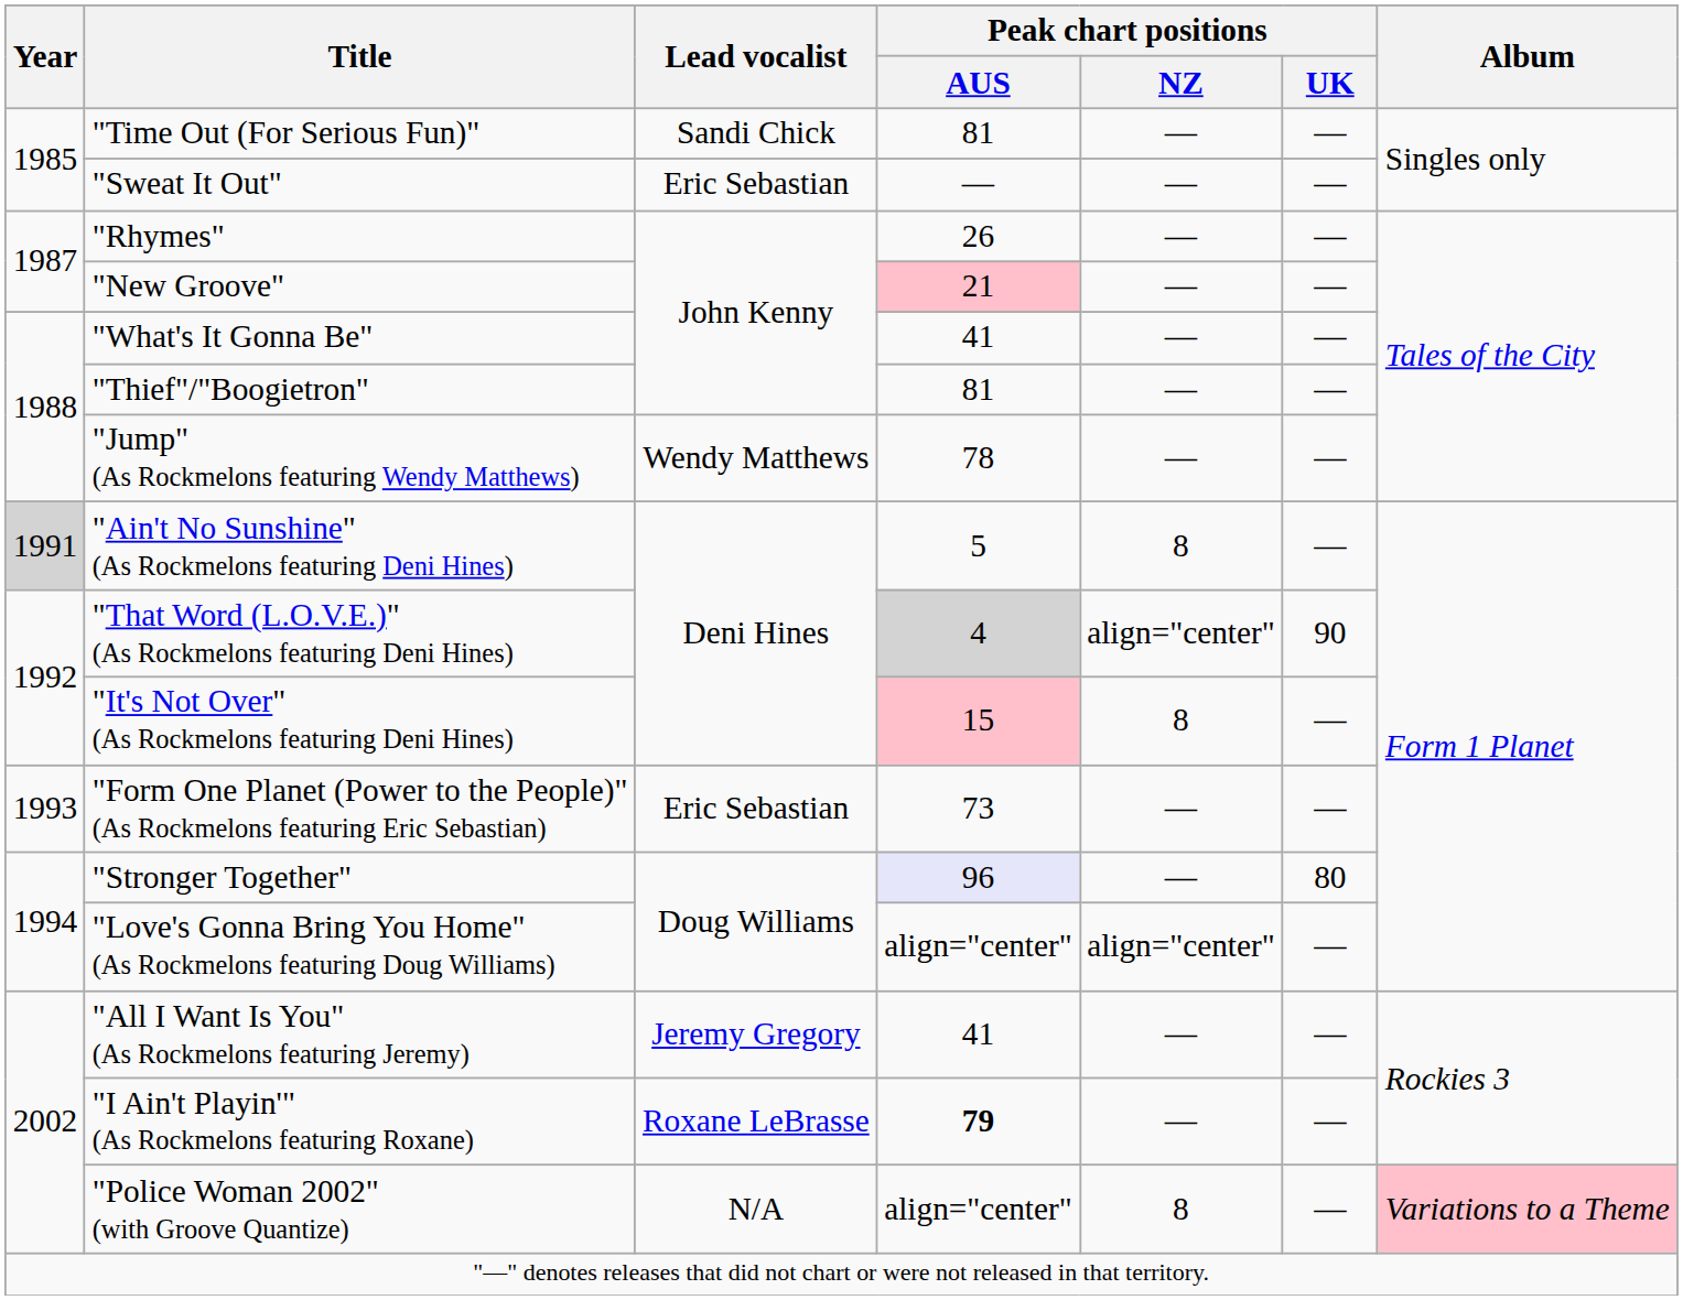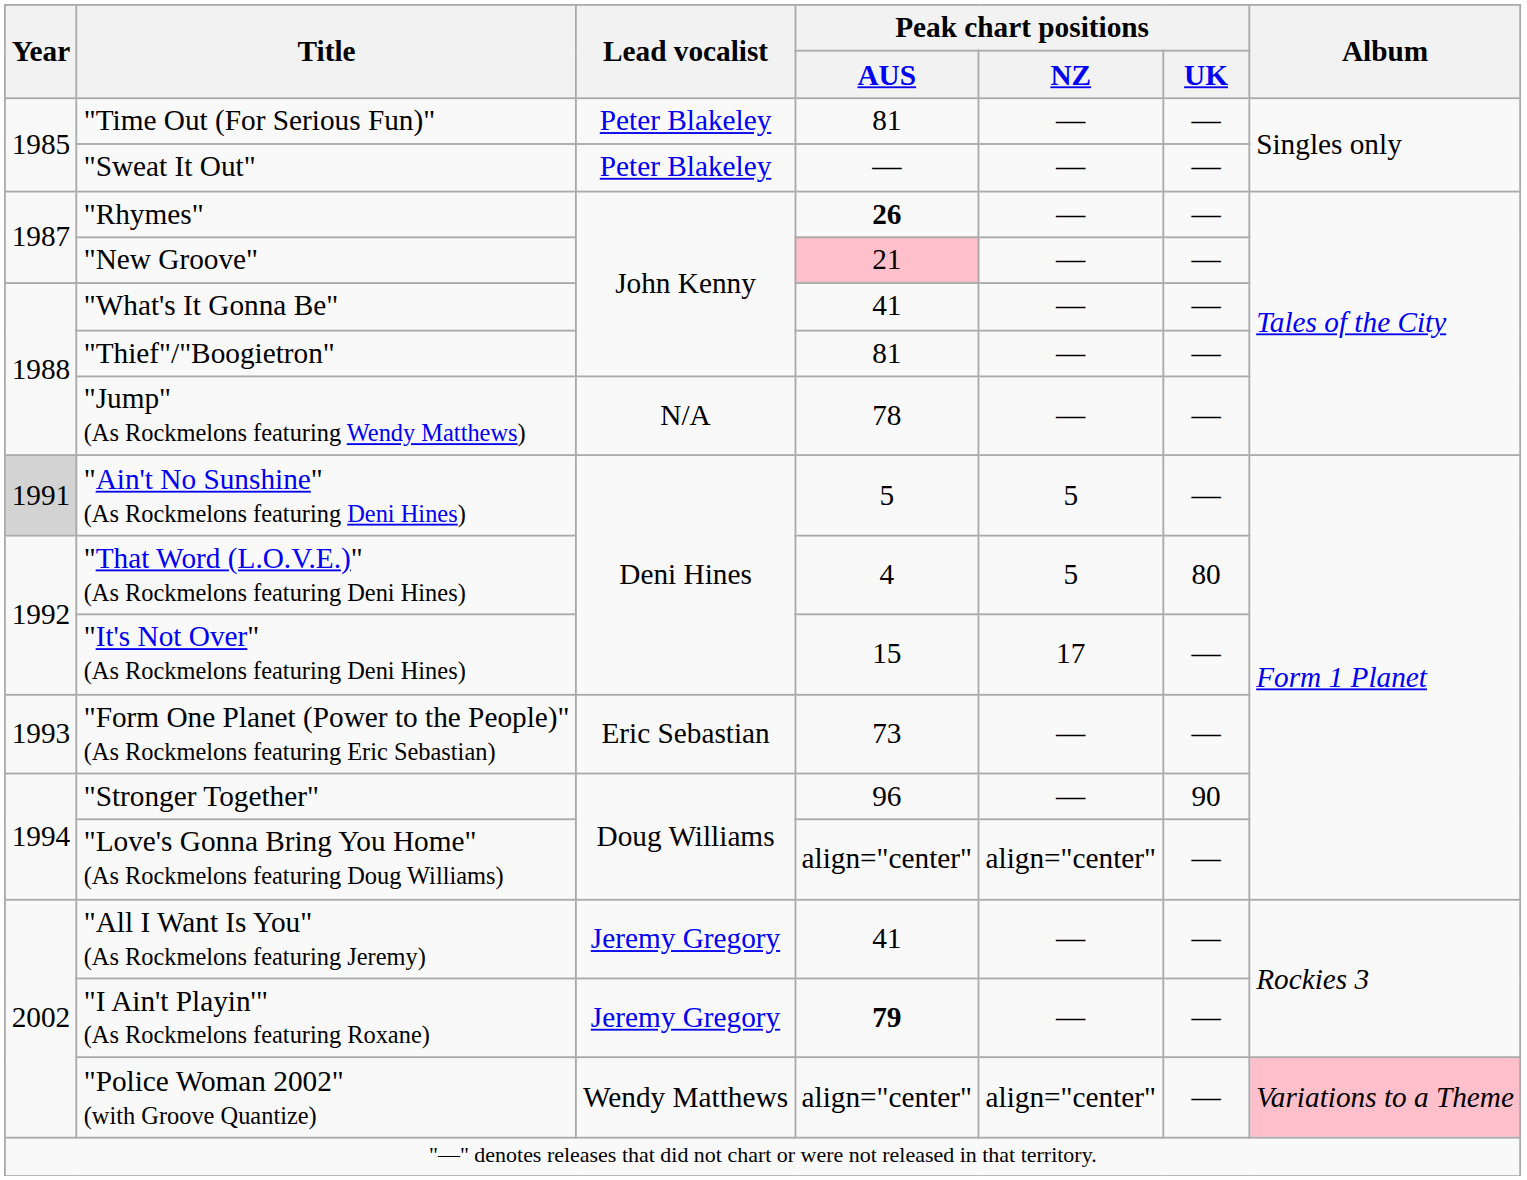 <table class="wikitable">
 <tr>
 <th rowspan="2" align="left">Year</th>
 <th rowspan="2" align="left">Title</th>
 <th rowspan="2" align="center">Lead vocalist</th>
 <th colspan="3">Peak chart positions</th>
 <th rowspan="2" align="left">Album</th>
 </tr>
 <tr>
 <th align="center" width="40"><a href='#'>AUS</a><br></th>
 <th align="center" width="40"><a href='#'>NZ</a><br></th>
 <th align="center" width="40"><a href='#'>UK</a><br></th>
 </tr>
 <tr>
 <td align="left" rowspan="2">1985</td>
 <td align="left">"Time Out (For Serious Fun)"</td>
-<td align="center">Sandi Chick</td>
+<td align="center"><a href='#'>Peter Blakeley</a></td>
 <td align="center">81</td>
 <td align="center">—</td>
 <td align="center">—</td>
 <td align="left" rowspan="2">Singles only</td>
 </tr>
 <tr>
 <td align="left">"Sweat It Out"</td>
-<td align="center">Eric Sebastian</td>
+<td align="center"><a href='#'>Peter Blakeley</a></td>
 <td align="center">—</td>
 <td align="center">—</td>
 <td align="center">—</td>
 </tr>
 <tr>
 <td align="left" rowspan="2">1987</td>
 <td align="left">"Rhymes"</td>
 <td align="center" rowspan="4">John Kenny</td>
-<td align="center">26</td>
+<td align="center"><strong>26</strong></td>
 <td align="center">—</td>
 <td align="center">—</td>
 <td align="left" rowspan="5"><em><a href='#'>Tales of the City</a></em></td>
 </tr>
 <tr>
 <td align="left">"New Groove"</td>
 <td align="center" style="background: pink;">21</td>
 <td align="center">—</td>
 <td align="center">—</td>
 </tr>
 <tr>
 <td align="left" rowspan="3">1988</td>
 <td align="left">"What's It Gonna Be"</td>
 <td align="center">41</td>
 <td align="center">—</td>
 <td align="center">—</td>
 </tr>
 <tr>
 <td align="left">"Thief"/"Boogietron"</td>
 <td align="center">81</td>
 <td align="center">—</td>
 <td align="center">—</td>
 </tr>
 <tr>
 <td align="left">"Jump" <br> <small>(As Rockmelons featuring <a href='#'>Wendy Matthews</a>)</small></td>
-<td align="center">Wendy Matthews</td>
+<td align="center">N/A</td>
 <td align="center">78</td>
 <td align="center">—</td>
 <td align="center">—</td>
 </tr>
 <tr>
 <td align="left" style="background: lightgrey;">1991</td>
 <td align="left">"<a href='#'>Ain't No Sunshine</a>"<br> <small>(As Rockmelons featuring <a href='#'>Deni Hines</a>)</small></td>
 <td align="center" rowspan="3">Deni Hines</td>
 <td align="center">5</td>
-<td align="center">8</td>
+<td align="center">5</td>
 <td align="center">—</td>
 <td align="left" rowspan="6"><em><a href='#'>Form 1 Planet</a></em></td>
 </tr>
 <tr>
 <td align="left" rowspan="2">1992</td>
 <td align="left">"<a href='#'>That Word (L.O.V.E.)</a>"<br> <small>(As Rockmelons featuring Deni Hines)</small></td>
-<td align="center" style="background: lightgrey;">4</td>
-<td>align="center" </td>
-<td align="center">90</td>
+<td align="center">4</td>
+<td align="center">5</td>
+<td align="center">80</td>
 </tr>
 <tr>
 <td align="left">"<a href='#'>It's Not Over</a>"<br> <small>(As Rockmelons featuring Deni Hines)</small></td>
-<td align="center" style="background: pink;">15</td>
-<td align="center">8</td>
+<td align="center">15</td>
+<td align="center">17</td>
 <td align="center">—</td>
 </tr>
 <tr>
 <td align="left">1993</td>
 <td align="left">"Form One Planet (Power to the People)"<br> <small>(As Rockmelons featuring Eric Sebastian)</small></td>
 <td align="center">Eric Sebastian</td>
 <td align="center">73</td>
 <td align="center">—</td>
 <td align="center">—</td>
 </tr>
 <tr>
 <td align="left" rowspan="2">1994</td>
 <td align="left">"Stronger Together"</td>
 <td align="center" rowspan="2">Doug Williams</td>
-<td align="center" style="background: lavender;">96</td>
+<td align="center">96</td>
 <td align="center">—</td>
-<td align="center">80</td>
+<td align="center">90</td>
 </tr>
 <tr>
 <td align="left">"Love's Gonna Bring You Home"<br> <small>(As Rockmelons featuring Doug Williams)</small></td>
 <td>align="center" </td>
 <td>align="center" </td>
 <td align="center">—</td>
 </tr>
 <tr>
 <td align="left" rowspan="3">2002</td>
 <td align="left">"All I Want Is You"<br><small>(As Rockmelons featuring Jeremy)</small></td>
 <td align="center"><a href='#'>Jeremy Gregory</a></td>
 <td align="center">41</td>
 <td align="center">—</td>
 <td align="center">—</td>
 <td align="left" rowspan="2"><em>Rockies 3</em></td>
 </tr>
 <tr>
 <td align="left">"I Ain't Playin'"<br><small>(As Rockmelons featuring Roxane)</small></td>
-<td align="center"><a href='#'>Roxane LeBrasse</a></td>
+<td align="center"><a href='#'>Jeremy Gregory</a></td>
 <td align="center"><strong>79</strong></td>
 <td align="center">—</td>
 <td align="center">—</td>
 </tr>
 <tr>
 <td align="left">"Police Woman 2002" <br><small>(with Groove Quantize)</small></td>
-<td align="center">N/A</td>
+<td align="center">Wendy Matthews</td>
 <td>align="center" </td>
-<td align="center">8</td>
+<td>align="center" </td>
 <td align="center">—</td>
 <td align="left" style="background: pink;"><em>Variations to a Theme</em></td>
 </tr>
 <tr>
 <td colspan="7" style="text-align:center; font-size:9pt;">"—" denotes releases that did not chart or were not released in that territory.</td>
 </tr>
 </table>
